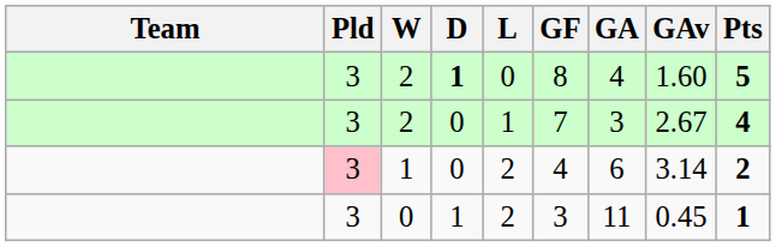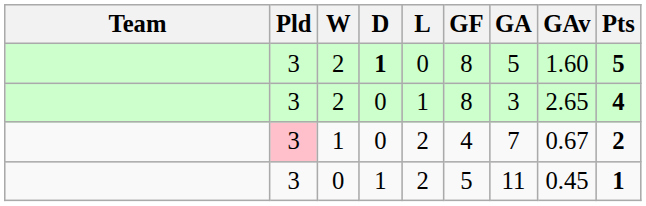 <table class="wikitable" style="text-align:center;">
 <tr>
 <th width=165>Team</th>
 <th width=20>Pld</th>
 <th width=20>W</th>
 <th width=20>D</th>
 <th width=20>L</th>
 <th width=20>GF</th>
 <th width=20>GA</th>
 <th width=20>GAv</th>
 <th width=20>Pts</th>
 </tr>
 <tr bgcolor="#ccffcc">
 <td align="left"></td>
 <td>3</td>
 <td>2</td>
 <td><strong>1</strong></td>
 <td>0</td>
 <td>8</td>
-<td>4</td>
+<td>5</td>
 <td>1.60</td>
 <td><strong>5</strong></td>
 </tr>
 <tr bgcolor="#ccffcc">
 <td align="left"></td>
 <td>3</td>
 <td>2</td>
 <td>0</td>
 <td>1</td>
-<td>7</td>
+<td>8</td>
 <td>3</td>
-<td>2.67</td>
+<td>2.65</td>
 <td><strong>4</strong></td>
 </tr>
 <tr>
 <td align="left"></td>
 <td style="background: pink;">3</td>
 <td>1</td>
 <td>0</td>
 <td>2</td>
 <td>4</td>
-<td>6</td>
-<td>3.14</td>
+<td>7</td>
+<td>0.67</td>
 <td><strong>2</strong></td>
 </tr>
 <tr>
 <td align="left"></td>
 <td>3</td>
 <td>0</td>
 <td>1</td>
 <td>2</td>
-<td>3</td>
+<td>5</td>
 <td>11</td>
 <td>0.45</td>
 <td><strong>1</strong></td>
 </tr>
 </table>
